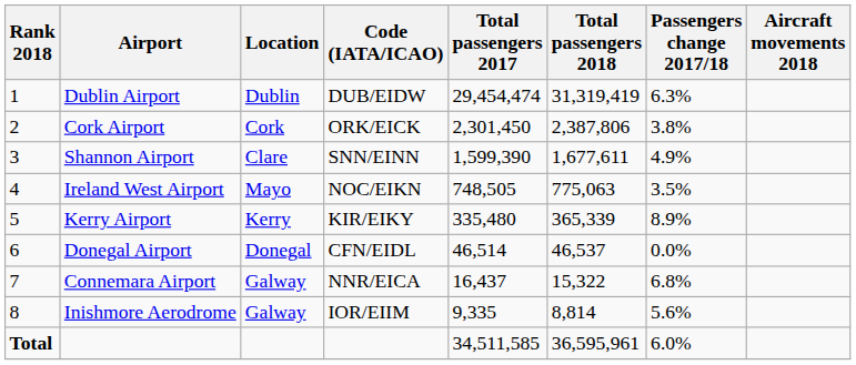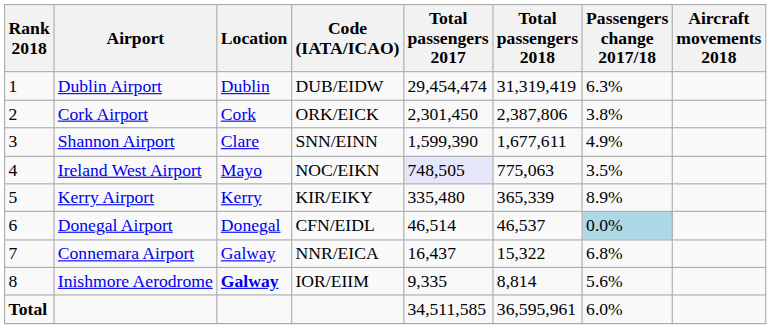 <table class="wikitable sortable">
 <tr>
 <th>Rank<br>2018</th>
 <th>Airport</th>
 <th>Location</th>
 <th>Code<br>(IATA/ICAO)</th>
 <th>Total<br>passengers<br>2017</th>
 <th>Total<br>passengers<br>2018</th>
 <th>Passengers<br>change<br>2017/18</th>
 <th>Aircraft<br>movements<br>2018</th>
 </tr>
 <tr>
 <td>1</td>
 <td><a href='#'>Dublin Airport</a></td>
 <td><a href='#'>Dublin</a></td>
 <td>DUB/EIDW</td>
 <td>29,454,474</td>
 <td>31,319,419</td>
 <td> 6.3%</td>
 <td></td>
 </tr>
 <tr>
 <td>2</td>
 <td><a href='#'>Cork Airport</a></td>
 <td><a href='#'>Cork</a></td>
 <td>ORK/EICK</td>
 <td>2,301,450</td>
 <td>2,387,806</td>
 <td> 3.8%</td>
 <td></td>
 </tr>
 <tr>
 <td>3</td>
 <td><a href='#'>Shannon Airport</a></td>
 <td><a href='#'>Clare</a></td>
 <td>SNN/EINN</td>
 <td>1,599,390</td>
 <td>1,677,611</td>
 <td> 4.9%</td>
 <td></td>
 </tr>
 <tr>
 <td>4</td>
 <td><a href='#'>Ireland West Airport</a></td>
 <td><a href='#'>Mayo</a></td>
 <td>NOC/EIKN</td>
-<td>748,505</td>
+<td style="background: lavender;">748,505</td>
 <td>775,063</td>
 <td> 3.5%</td>
 <td></td>
 </tr>
 <tr>
 <td>5</td>
 <td><a href='#'>Kerry Airport</a></td>
 <td><a href='#'>Kerry</a></td>
 <td>KIR/EIKY</td>
 <td>335,480</td>
 <td>365,339</td>
 <td> 8.9%</td>
 <td></td>
 </tr>
 <tr>
 <td>6</td>
 <td><a href='#'>Donegal Airport</a></td>
 <td><a href='#'>Donegal</a></td>
 <td>CFN/EIDL</td>
 <td>46,514</td>
 <td>46,537</td>
-<td> 0.0%</td>
+<td style="background: lightblue;"> 0.0%</td>
 <td></td>
 </tr>
 <tr>
 <td>7</td>
 <td><a href='#'>Connemara Airport</a></td>
 <td><a href='#'>Galway</a></td>
 <td>NNR/EICA</td>
 <td>16,437</td>
 <td>15,322</td>
 <td> 6.8%</td>
 <td></td>
 </tr>
 <tr>
 <td>8</td>
 <td><a href='#'>Inishmore Aerodrome</a></td>
-<td><a href='#'>Galway</a></td>
+<td><strong><a href='#'>Galway</a></strong></td>
 <td>IOR/EIIM</td>
 <td>9,335</td>
 <td>8,814</td>
 <td> 5.6%</td>
 <td></td>
 </tr>
 <tr>
 <td><strong>Total</strong></td>
 <td></td>
 <td></td>
 <td></td>
 <td>34,511,585</td>
 <td>36,595,961</td>
 <td> 6.0%</td>
 <td></td>
 </tr>
 <tr>
 </tr>
 </table>
